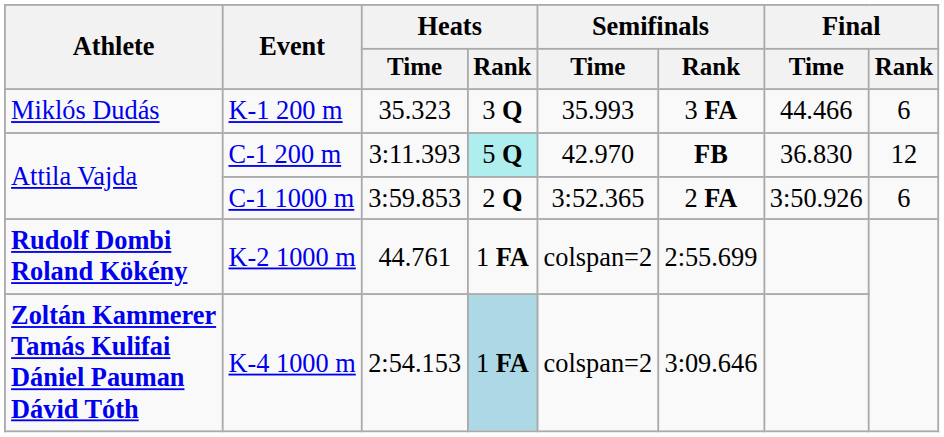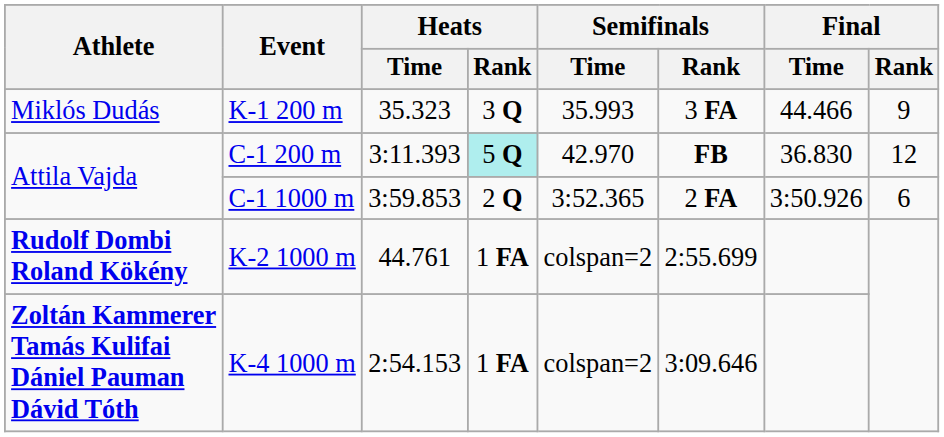 <table class=wikitable style="font-size:90%;">
 <tr>
 <th rowspan=2>Athlete</th>
 <th rowspan=2>Event</th>
 <th colspan=2>Heats</th>
 <th colspan=2>Semifinals</th>
 <th colspan=2>Final</th>
 </tr>
 <tr style="font-size:95%">
 <th>Time</th>
 <th>Rank</th>
 <th>Time</th>
 <th>Rank</th>
 <th>Time</th>
 <th>Rank</th>
 </tr>
 <tr align=center>
 <td align=left><a href='#'>Miklós Dudás</a></td>
 <td align=left><a href='#'>K-1 200 m</a></td>
 <td>35.323</td>
 <td>3 <strong>Q</strong></td>
 <td>35.993</td>
 <td>3 <strong>FA</strong></td>
 <td>44.466</td>
-<td>6</td>
+<td>9</td>
 </tr>
 <tr align=center>
 <td align=left rowspan=2><a href='#'>Attila Vajda</a></td>
 <td align=left><a href='#'>C-1 200 m</a></td>
 <td>3:11.393</td>
 <td style="background: paleturquoise;">5 <strong>Q</strong></td>
 <td>42.970</td>
 <td><strong>FB</strong></td>
 <td>36.830</td>
 <td>12</td>
 </tr>
 <tr align=center>
 <td align=left><a href='#'>C-1 1000 m</a></td>
 <td>3:59.853</td>
 <td>2 <strong>Q</strong></td>
 <td>3:52.365</td>
 <td>2 <strong>FA</strong></td>
 <td>3:50.926</td>
 <td>6</td>
 </tr>
 <tr align=center>
 <td align=left><strong><a href='#'>Rudolf Dombi</a><br><a href='#'>Roland Kökény</a></strong></td>
 <td align=left><a href='#'>K-2 1000 m</a></td>
 <td>44.761</td>
 <td>1 <strong>FA</strong></td>
 <td>colspan=2 </td>
 <td>2:55.699</td>
 <td></td>
 </tr>
 <tr align=center>
 <td align=left><strong><a href='#'>Zoltán Kammerer</a><br><a href='#'>Tamás Kulifai</a><br><a href='#'>Dániel Pauman</a><br><a href='#'>Dávid Tóth</a></strong></td>
 <td align=left><a href='#'>K-4 1000 m</a></td>
 <td>2:54.153</td>
-<td style="background: lightblue;">1 <strong>FA</strong></td>
+<td>1 <strong>FA</strong></td>
 <td>colspan=2 </td>
 <td>3:09.646</td>
 <td></td>
 </tr>
 </table>
